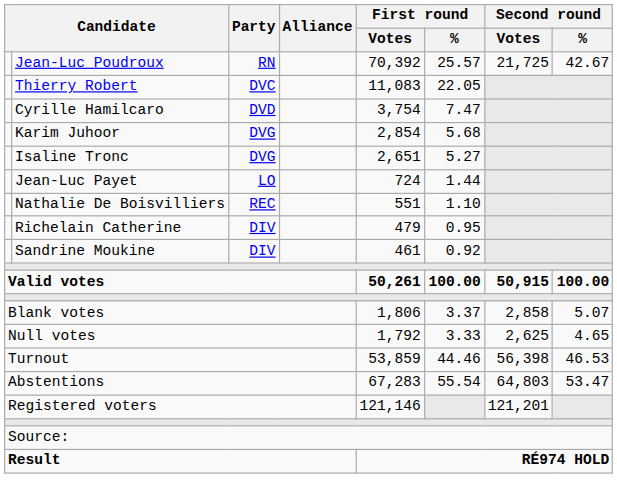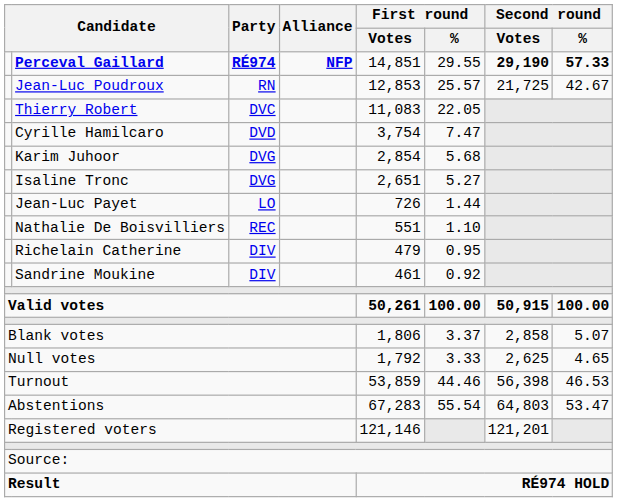 <table class="wikitable" style="text-align:right;font-size:95%;">
 <tr>
 <th colspan="2" rowspan="2">Candidate</th>
 <th colspan="1" rowspan="2">Party</th>
 <th colspan="1" rowspan="2">Alliance</th>
 <th colspan="2">First round</th>
 <th colspan="2">Second round</th>
 </tr>
 <tr>
 <th style="width:50px;">Votes</th>
 <th style="width:45px;">%</th>
 <th style="width:50px;">Votes</th>
 <th style="width:45px;">%</th>
 </tr>
 <tr>
 <td style="color:inherit;background:"></td>
+<td style="text-align:left;"><strong><a href='#'>Perceval Gaillard</a></strong></td>
+<td><a href='#'><strong>RÉ974</strong></a></td>
+<td><a href='#'><strong>NFP</strong></a></td>
+<td>14,851</td>
+<td>29.55</td>
+<td><strong>29,190</strong></td>
+<td><strong>57.33</strong></td>
+</tr>
+<tr>
+<td style="color:inherit;background:"></td>
 <td style="text-align:left;"><a href='#'>Jean-Luc Poudroux</a></td>
 <td><a href='#'>RN</a></td>
 <td></td>
-<td>70,392</td>
+<td>12,853</td>
 <td>25.57</td>
 <td>21,725</td>
 <td>42.67</td>
 </tr>
 <tr>
 <td style="color:inherit;background:"></td>
 <td style="text-align:left;"><a href='#'>Thierry Robert</a></td>
 <td><a href='#'>DVC</a></td>
 <td></td>
 <td>11,083</td>
 <td>22.05</td>
 <td colspan="2" rowspan="1" style="background:#E9E9E9;"></td>
 </tr>
 <tr>
 <td style="color:inherit;background:"></td>
 <td style="text-align:left;">Cyrille Hamilcaro</td>
 <td><a href='#'>DVD</a></td>
 <td></td>
 <td>3,754</td>
 <td>7.47</td>
 <td colspan="2" rowspan="1" style="background:#E9E9E9;"></td>
 </tr>
 <tr>
 <td style="color:inherit;background:"></td>
 <td style="text-align:left;">Karim Juhoor</td>
 <td><a href='#'>DVG</a></td>
 <td></td>
 <td>2,854</td>
 <td>5.68</td>
 <td colspan="2" rowspan="1" style="background:#E9E9E9;"></td>
 </tr>
 <tr>
 <td style="color:inherit;background:"></td>
 <td style="text-align:left;">Isaline Tronc</td>
 <td><a href='#'>DVG</a></td>
 <td></td>
 <td>2,651</td>
 <td>5.27</td>
 <td colspan="2" rowspan="1" style="background:#E9E9E9;"></td>
 </tr>
 <tr>
 <td style="color:inherit;background:"></td>
 <td style="text-align:left;">Jean-Luc Payet</td>
 <td><a href='#'>LO</a></td>
 <td></td>
-<td>724</td>
+<td>726</td>
 <td>1.44</td>
 <td colspan="2" style="background:#E9E9E9;"></td>
 </tr>
 <tr>
 <td style="color:inherit;background:"></td>
 <td style="text-align:left;">Nathalie De Boisvilliers</td>
 <td><a href='#'>REC</a></td>
 <td></td>
 <td>551</td>
 <td>1.10</td>
 <td colspan="2" style="background:#E9E9E9;"></td>
 </tr>
 <tr>
 <td style="color:inherit;background:"></td>
 <td style="text-align:left;">Richelain Catherine</td>
 <td><a href='#'>DIV</a></td>
 <td></td>
 <td>479</td>
 <td>0.95</td>
 <td colspan="2" style="background:#E9E9E9;"></td>
 </tr>
 <tr>
 <td style="color:inherit;background:"></td>
 <td style="text-align:left;">Sandrine Moukine</td>
 <td><a href='#'>DIV</a></td>
 <td></td>
 <td>461</td>
 <td>0.92</td>
 <td colspan="2" style="background:#E9E9E9;"></td>
 </tr>
 <tr>
 <td colspan="8" style="background:#E9E9E9;"></td>
 </tr>
 <tr style="font-weight:bold;">
 <td colspan="4" style="text-align:left;">Valid votes</td>
 <td>50,261</td>
 <td>100.00</td>
 <td>50,915</td>
 <td>100.00</td>
 </tr>
 <tr>
 <td colspan="8" style="background:#E9E9E9;"></td>
 </tr>
 <tr>
 <td colspan="4" style="text-align:left;">Blank votes</td>
 <td>1,806</td>
 <td>3.37</td>
 <td>2,858</td>
 <td>5.07</td>
 </tr>
 <tr>
 <td colspan="4" style="text-align:left;">Null votes</td>
 <td>1,792</td>
 <td>3.33</td>
 <td>2,625</td>
 <td>4.65</td>
 </tr>
 <tr>
 <td colspan="4" style="text-align:left;">Turnout</td>
 <td>53,859</td>
 <td>44.46</td>
 <td>56,398</td>
 <td>46.53</td>
 </tr>
 <tr>
 <td colspan="4" style="text-align:left;">Abstentions</td>
 <td>67,283</td>
 <td>55.54</td>
 <td>64,803</td>
 <td>53.47</td>
 </tr>
 <tr>
 <td colspan="4" style="text-align:left;">Registered voters</td>
 <td>121,146</td>
 <td style="background:#E9E9E9;"></td>
 <td>121,201</td>
 <td style="background:#E9E9E9;"></td>
 </tr>
 <tr>
 <td colspan="8" style="background:#E9E9E9;"></td>
 </tr>
 <tr>
 <td colspan="8" style="text-align:left;">Source: </td>
 </tr>
 <tr style="font-weight:bold">
 <td colspan="4" style="text-align:left;">Result</td>
 <td colspan="4" style="background-color:">RÉ974 HOLD</td>
 </tr>
 </table>
